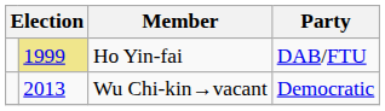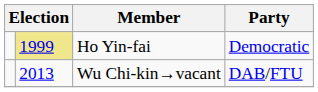 <table class="wikitable">
 <tr>
 <th colspan="2">Election</th>
 <th>Member</th>
 <th>Party</th>
 </tr>
 <tr>
 <td style="background-color: "></td>
 <td style="background: khaki;"><a href='#'>1999</a></td>
 <td>Ho Yin-fai</td>
-<td><a href='#'>DAB</a>/<a href='#'>FTU</a></td>
+<td><a href='#'>Democratic</a></td>
 </tr>
 <tr>
 <td style="background-color: "></td>
 <td><a href='#'>2013</a></td>
 <td>Wu Chi-kin→vacant</td>
-<td><a href='#'>Democratic</a></td>
+<td><a href='#'>DAB</a>/<a href='#'>FTU</a></td>
 </tr>
 <tr>
 </tr>
 </table>
